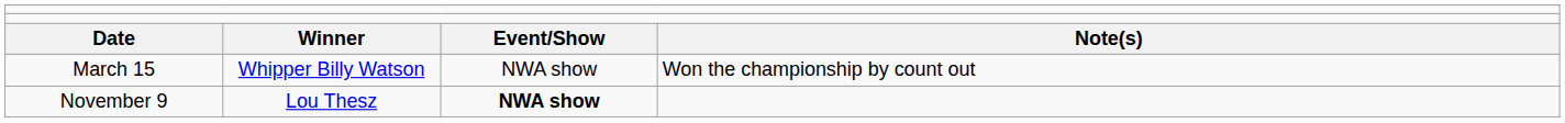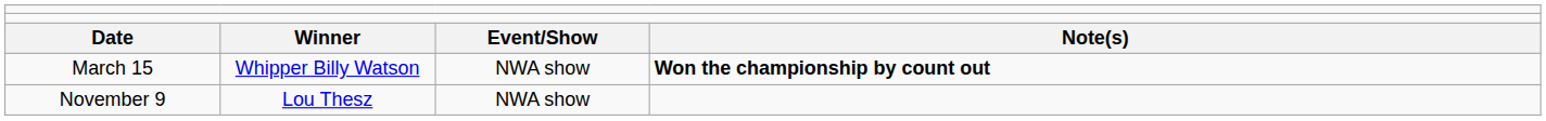 <table class="wikitable" style="text-align:center; width:100%;">
 <tr>
 <td colspan="5"></td>
 </tr>
 <tr>
 <td colspan="5"><strong></strong></td>
 </tr>
 <tr>
 <th width=14%>Date</th>
 <th width=14%>Winner</th>
 <th width=14%>Event/Show</th>
 <th width=58%>Note(s)</th>
 </tr>
 <tr>
 <td>March 15</td>
 <td><a href='#'>Whipper Billy Watson</a></td>
 <td>NWA show</td>
-<td align=left>Won the championship by count out</td>
+<td align=left><strong>Won the championship by count out</strong></td>
 </tr>
 <tr>
 <td>November 9</td>
 <td><a href='#'>Lou Thesz</a></td>
-<td><strong>NWA show</strong></td>
+<td>NWA show</td>
 <td align=left></td>
 </tr>
 </table>
